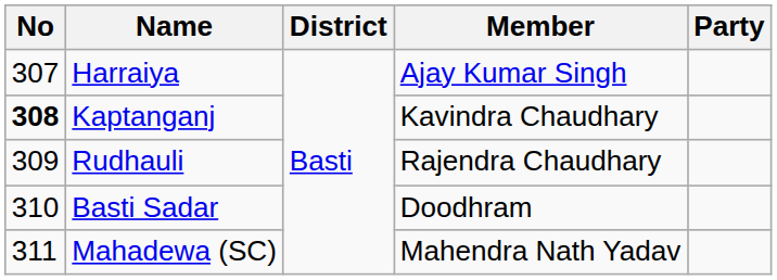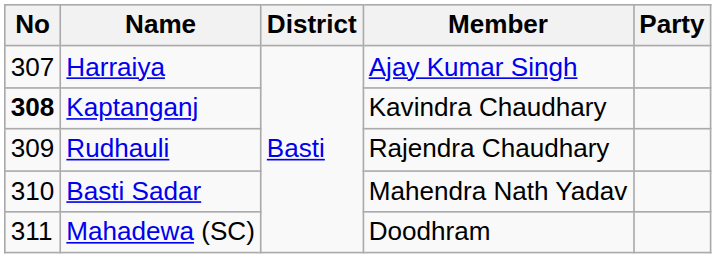 <table class="wikitable sortable">
 <tr>
 <th>No</th>
 <th>Name</th>
 <th>District</th>
 <th>Member</th>
 <th colspan="2">Party</th>
 </tr>
 <tr>
 <td>307</td>
 <td><a href='#'>Harraiya</a></td>
 <td rowspan="5"><a href='#'>Basti</a></td>
 <td><a href='#'>Ajay Kumar Singh</a></td>
 <td></td>
 </tr>
 <tr>
 <td><strong>308</strong></td>
 <td><a href='#'>Kaptanganj</a></td>
 <td>Kavindra Chaudhary</td>
 <td></td>
 </tr>
 <tr>
 <td>309</td>
 <td><a href='#'>Rudhauli</a></td>
 <td>Rajendra Chaudhary</td>
 <td></td>
 </tr>
 <tr>
 <td>310</td>
 <td><a href='#'>Basti Sadar</a></td>
-<td>Doodhram</td>
+<td>Mahendra Nath Yadav</td>
 <td></td>
 </tr>
 <tr>
 <td>311</td>
 <td><a href='#'>Mahadewa</a> (SC)</td>
-<td>Mahendra Nath Yadav</td>
+<td>Doodhram</td>
 <td></td>
 </tr>
 </table>
